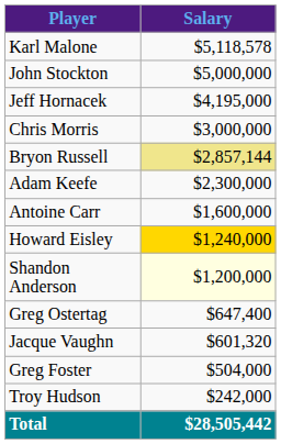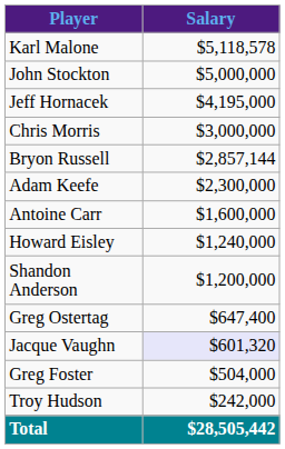 <table width=250 px; class="wikitable sortable sortable">
 <tr>
 <th style="background:#4D1A7F; color:#5DADEC" width="50%">Player</th>
 <th style="background:#4D1A7F; color:#5DADEC" width="50%">Salary</th>
 </tr>
 <tr>
 <td>Karl Malone</td>
 <td align="right">$5,118,578</td>
 </tr>
 <tr>
 <td>John Stockton</td>
 <td align="right">$5,000,000</td>
 </tr>
 <tr>
 <td>Jeff Hornacek</td>
 <td align="right">$4,195,000</td>
 </tr>
 <tr>
 <td>Chris Morris</td>
 <td align="right">$3,000,000</td>
 </tr>
 <tr>
 <td>Bryon Russell</td>
-<td align="right" style="background: khaki;">$2,857,144</td>
+<td align="right">$2,857,144</td>
 </tr>
 <tr>
 <td>Adam Keefe</td>
 <td align="right">$2,300,000</td>
 </tr>
 <tr>
 <td>Antoine Carr</td>
 <td align="right">$1,600,000</td>
 </tr>
 <tr>
 <td>Howard Eisley</td>
-<td align="right" style="background: gold;">$1,240,000</td>
+<td align="right">$1,240,000</td>
 </tr>
 <tr>
 <td>Shandon Anderson</td>
-<td align="right" style="background: lightyellow;">$1,200,000</td>
+<td align="right">$1,200,000</td>
 </tr>
 <tr>
 <td>Greg Ostertag</td>
 <td align="right">$647,400</td>
 </tr>
 <tr>
 <td>Jacque Vaughn</td>
-<td align="right">$601,320</td>
+<td align="right" style="background: lavender;">$601,320</td>
 </tr>
 <tr>
 <td>Greg Foster</td>
 <td align="right">$504,000</td>
 </tr>
 <tr>
 <td>Troy Hudson</td>
 <td align="right">$242,000</td>
 </tr>
 <tr>
 </tr>
 <tr class="sortbottom">
 <td style="background:#008290; color:#FFFFFF" width="50%"><strong>Total</strong></td>
 <td style="background:#008290; color:#FFFFFF" width="50%" align="right"><strong>$28,505,442</strong></td>
 </tr>
 </table>
